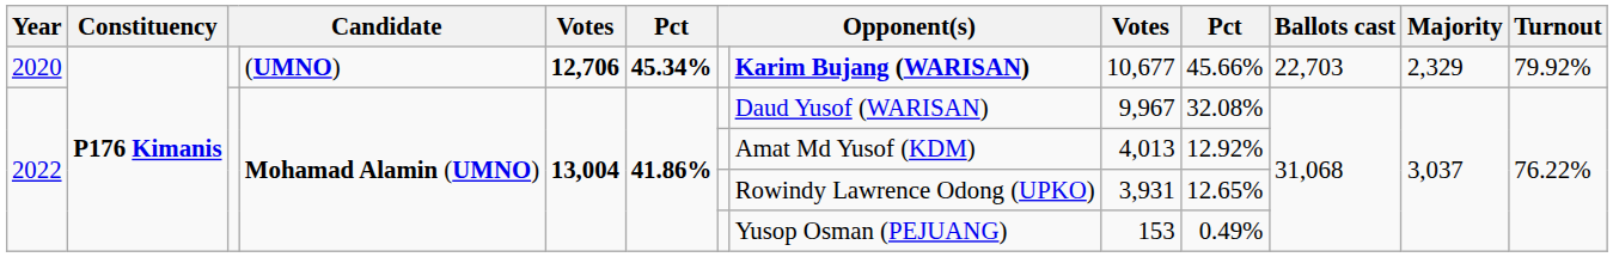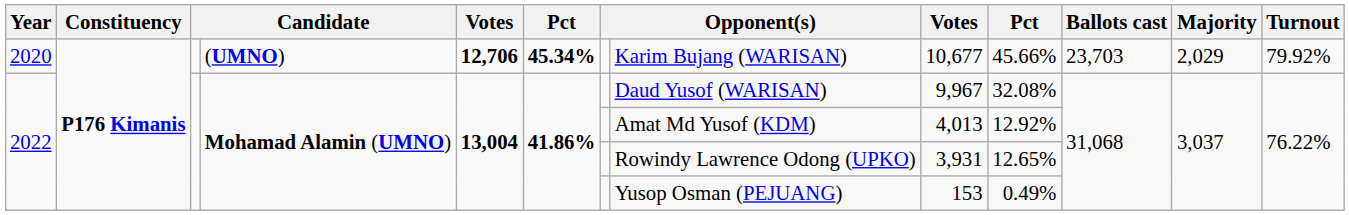 <table class="wikitable" style="margin:0.5em ; font-size:95%">
 <tr>
 <th>Year</th>
 <th>Constituency</th>
 <th colspan=2>Candidate</th>
 <th>Votes</th>
 <th>Pct</th>
 <th colspan=2>Opponent(s)</th>
 <th>Votes</th>
 <th>Pct</th>
 <th>Ballots cast</th>
 <th>Majority</th>
 <th>Turnout</th>
 </tr>
 <tr>
 <td><a href='#'>2020</a></td>
 <td rowspan="5"><strong>P176 <a href='#'>Kimanis</a></strong></td>
 <td></td>
 <td> (<a href='#'><strong>UMNO</strong></a>)</td>
 <td align="right"><strong>12,706</strong></td>
 <td><strong>45.34%</strong></td>
 <td></td>
-<td><strong><a href='#'>Karim Bujang</a> (<a href='#'>WARISAN</a>)</strong></td>
+<td><a href='#'>Karim Bujang</a> (<a href='#'>WARISAN</a>)</td>
 <td align="right">10,677</td>
 <td>45.66%</td>
-<td>22,703</td>
-<td>2,329</td>
+<td>23,703</td>
+<td>2,029</td>
 <td>79.92%</td>
 </tr>
 <tr>
 <td rowspan="4"><a href='#'>2022</a></td>
 <td rowspan="4" ></td>
 <td rowspan="4"><strong>Mohamad Alamin</strong> (<a href='#'><strong>UMNO</strong></a>)</td>
 <td rowspan="4" align="right"><strong>13,004</strong></td>
 <td rowspan="4"><strong>41.86%</strong></td>
 <td></td>
 <td><a href='#'>Daud Yusof</a> (<a href='#'>WARISAN</a>)</td>
 <td align="right">9,967</td>
 <td>32.08%</td>
 <td rowspan="4">31,068</td>
 <td rowspan="4">3,037</td>
 <td rowspan="4">76.22%</td>
 </tr>
 <tr>
 <td></td>
 <td>Amat Md Yusof (<a href='#'>KDM</a>)</td>
 <td align="right">4,013</td>
 <td>12.92%</td>
 </tr>
 <tr>
 <td></td>
 <td>Rowindy Lawrence Odong (<a href='#'>UPKO</a>)</td>
 <td align="right">3,931</td>
 <td>12.65%</td>
 </tr>
 <tr>
 <td></td>
 <td>Yusop Osman (<a href='#'>PEJUANG</a>)</td>
 <td align="right">153</td>
 <td align="right">0.49%</td>
 </tr>
 </table>
